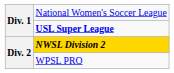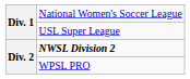 <table class="wikitable" style="margin:0 0 1em 1em; float:right; font-size:95%">
 <tr>
 <th rowspan="2">Div. 1</th>
 <td><a href='#'>National Women's Soccer League</a></td>
 </tr>
 <tr>
-<td><strong><a href='#'>USL Super League</a></strong></td>
+<td><a href='#'>USL Super League</a></td>
 </tr>
 <tr>
 <th rowspan="2">Div. 2</th>
-<td style="background: gold;"><strong><em>NWSL Division 2</em></strong></td>
+<td><strong><em>NWSL Division 2</em></strong></td>
 </tr>
 <tr>
 <td><a href='#'>WPSL PRO</a></td>
 </tr>
 </table>
